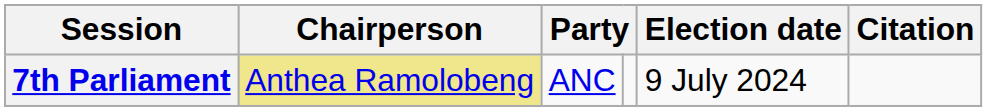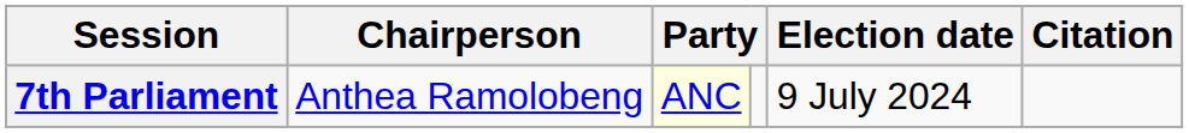 <table class="wikitable">
 <tr>
 <th>Session</th>
 <th>Chairperson</th>
 <th colspan="2">Party</th>
 <th>Election date</th>
 <th>Citation</th>
 </tr>
 <tr>
 <th><a href='#'>7th Parliament</a></th>
-<td style="background: khaki;"><a href='#'>Anthea Ramolobeng</a></td>
-<td><a href='#'>ANC</a></td>
+<td><a href='#'>Anthea Ramolobeng</a></td>
+<td style="background: lightyellow;"><a href='#'>ANC</a></td>
 <td></td>
 <td>9 July 2024</td>
 <td></td>
 </tr>
 </table>
